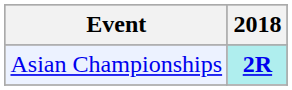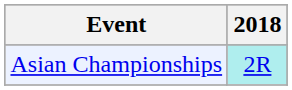 <table class="wikitable" style="font-size: 90%; text-align:center">
 <tr>
 <th>Event</th>
 <th>2018</th>
 </tr>
 <tr>
 <td bgcolor="#ECF2FF"; align="left"><a href='#'>Asian Championships</a></td>
-<td bgcolor=AFEEEE><strong><a href='#'>2R</a></strong></td>
+<td bgcolor=AFEEEE><a href='#'>2R</a></td>
 </tr>
 </table>
